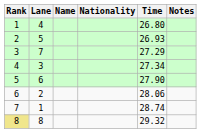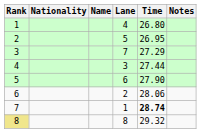 <table class="wikitable sortable" style="text-align:center">
 <tr>
 <th>Rank</th>
+<th>Nationality</th>
+<th>Name</th>
 <th>Lane</th>
-<th>Name</th>
-<th>Nationality</th>
 <th>Time</th>
 <th>Notes</th>
 </tr>
 <tr bgcolor=ccffcc>
 <td>1</td>
-<td>4</td>
 <td align=left></td>
 <td align=left></td>
+<td>4</td>
 <td>26.80</td>
 <td><strong></strong></td>
 </tr>
 <tr bgcolor=ccffcc>
 <td>2</td>
-<td>5</td>
 <td align=left></td>
 <td align=left></td>
-<td>26.93</td>
+<td>5</td>
+<td>26.95</td>
 <td><strong></strong></td>
 </tr>
 <tr bgcolor=ccffcc>
 <td>3</td>
-<td>7</td>
 <td align=left></td>
 <td align=left></td>
+<td>7</td>
 <td>27.29</td>
 <td><strong></strong></td>
 </tr>
 <tr bgcolor=ccffcc>
 <td>4</td>
-<td>3</td>
 <td align=left></td>
 <td align=left></td>
-<td>27.34</td>
+<td>3</td>
+<td>27.44</td>
 <td><strong></strong></td>
 </tr>
 <tr bgcolor=ccffcc>
 <td>5</td>
-<td>6</td>
 <td align=left></td>
 <td align=left></td>
+<td>6</td>
 <td>27.90</td>
 <td><strong></strong></td>
 </tr>
 <tr>
 <td>6</td>
-<td>2</td>
 <td align=left></td>
 <td align=left></td>
+<td>2</td>
 <td>28.06</td>
 <td></td>
 </tr>
 <tr>
 <td>7</td>
-<td>1</td>
 <td align=left></td>
 <td align=left></td>
-<td>28.74</td>
+<td>1</td>
+<td><strong>28.74</strong></td>
 <td></td>
 </tr>
 <tr>
 <td style="background: khaki;">8</td>
-<td>8</td>
 <td align=left></td>
 <td align=left></td>
+<td>8</td>
 <td>29.32</td>
 <td></td>
 </tr>
 </table>
